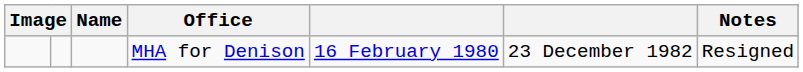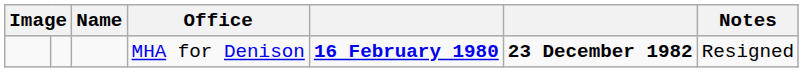 <table class="wikitable" style="text-align:center" "width:100%">
 <tr>
 <th colspan=2>Image</th>
 <th>Name<br></th>
 <th>Office</th>
 <th></th>
 <th></th>
 <th>Notes</th>
 </tr>
 <tr>
 <td> </td>
 <td></td>
 <td><br></td>
 <td><a href='#'>MHA</a> for <a href='#'>Denison</a></td>
-<td><a href='#'>16 February 1980</a></td>
-<td>23 December 1982</td>
+<td><strong><a href='#'>16 February 1980</a></strong></td>
+<td><strong>23 December 1982</strong></td>
 <td>Resigned</td>
 </tr>
 </table>
